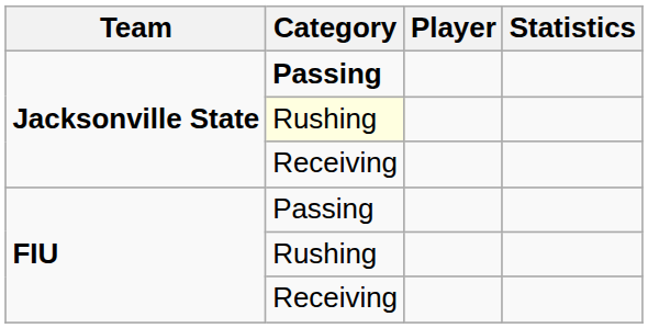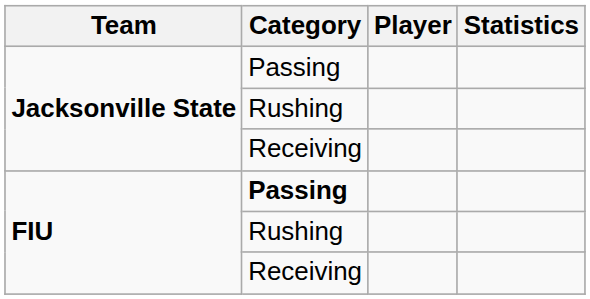 <table class="wikitable" style="float: right;">
 <tr>
 <th>Team</th>
 <th>Category</th>
 <th>Player</th>
 <th>Statistics</th>
 </tr>
 <tr>
 <td rowspan=3><strong>Jacksonville State</strong></td>
-<td><strong>Passing</strong></td>
-<td></td>
-<td></td>
-</tr>
-<tr>
-<td style="background: lightyellow;">Rushing</td>
-<td></td>
-<td></td>
-</tr>
-<tr>
-<td>Receiving</td>
-<td></td>
-<td></td>
-</tr>
-<tr>
-<td rowspan=3><strong>FIU</strong></td>
 <td>Passing</td>
 <td></td>
 <td></td>
 </tr>
 <tr>
 <td>Rushing</td>
 <td></td>
 <td></td>
 </tr>
 <tr>
 <td>Receiving</td>
 <td></td>
 <td></td>
 </tr>
+<tr>
+<td rowspan=3><strong>FIU</strong></td>
+<td><strong>Passing</strong></td>
+<td></td>
+<td></td>
+</tr>
+<tr>
+<td>Rushing</td>
+<td></td>
+<td></td>
+</tr>
+<tr>
+<td>Receiving</td>
+<td></td>
+<td></td>
+</tr>
 </table>
